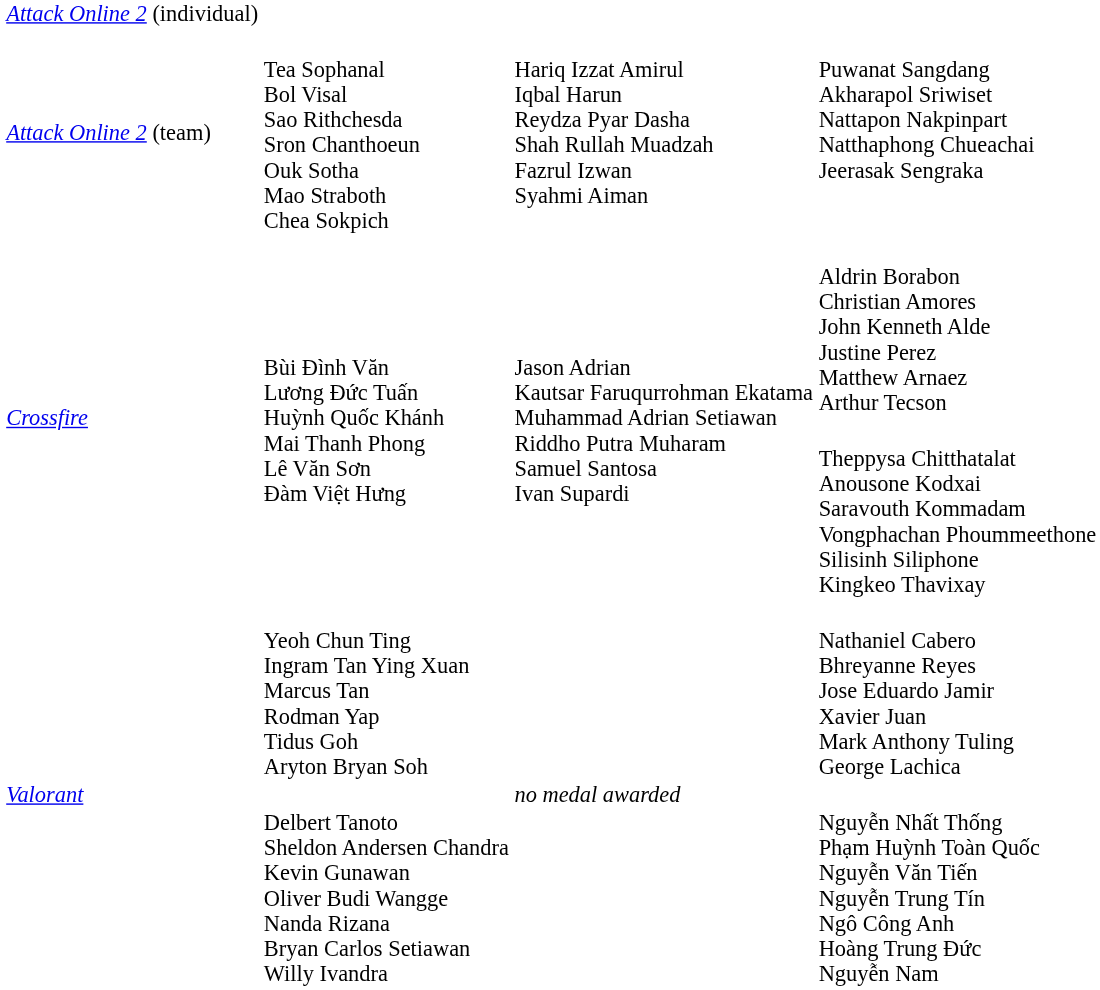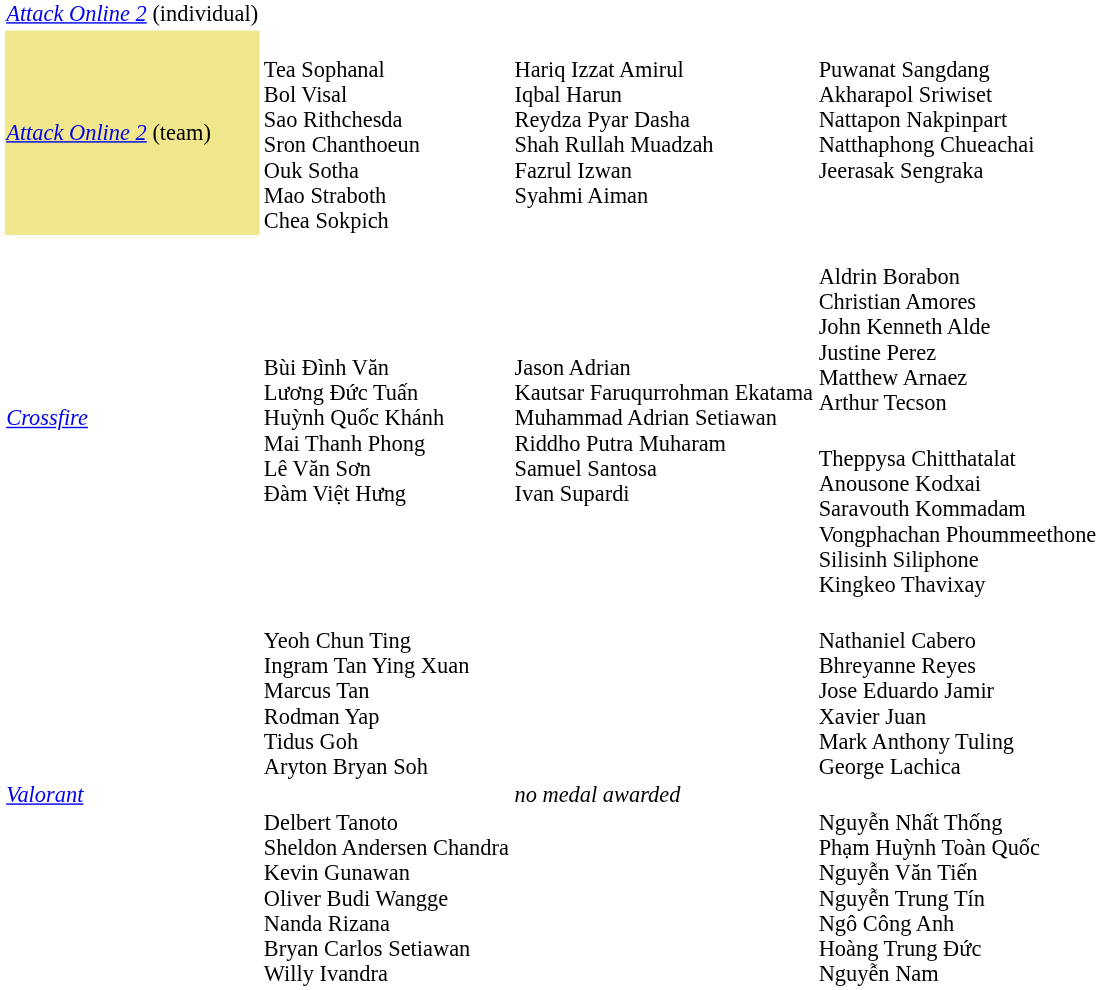 <table>
 <tr>
 <td><em><a href='#'>Attack Online 2</a></em> (individual)<br></td>
 <td></td>
 <td></td>
 <td></td>
 </tr>
 <tr>
-<td><em><a href='#'>Attack Online 2</a></em> (team)<br></td>
+<td style="background: khaki;"><em><a href='#'>Attack Online 2</a></em> (team)<br></td>
 <td><br>Tea Sophanal<br>Bol Visal<br>Sao Rithchesda<br>Sron Chanthoeun<br>Ouk Sotha<br>Mao Straboth<br>Chea Sokpich</td>
 <td valign=top><br>Hariq Izzat Amirul<br>Iqbal Harun<br>Reydza Pyar Dasha<br>Shah Rullah Muadzah<br>Fazrul Izwan<br>Syahmi Aiman</td>
 <td valign=top><br>Puwanat Sangdang<br>Akharapol Sriwiset<br>Nattapon Nakpinpart<br>Natthaphong Chueachai<br>Jeerasak Sengraka</td>
 </tr>
 <tr>
 <td rowspan=2><em><a href='#'>Crossfire</a></em><br></td>
 <td rowspan=2><br>Bùi Đình Văn<br>Lương Đức Tuấn<br>Huỳnh Quốc Khánh<br>Mai Thanh Phong<br>Lê Văn Sơn<br>Đàm Việt Hưng</td>
 <td rowspan=2 nowrap><br>Jason Adrian<br>Kautsar Faruqurrohman Ekatama<br>Muhammad Adrian Setiawan<br>Riddho Putra Muharam<br>Samuel Santosa<br>Ivan Supardi</td>
 <td nowrap><br>Aldrin Borabon<br>Christian Amores<br>John Kenneth Alde<br>Justine Perez<br>Matthew Arnaez<br>Arthur Tecson</td>
 </tr>
 <tr>
 <td nowrap><br>Theppysa Chitthatalat<br>Anousone Kodxai<br>Saravouth Kommadam<br>Vongphachan Phoummeethone<br>Silisinh Siliphone<br>Kingkeo Thavixay</td>
 </tr>
 <tr>
 <td rowspan=2><em><a href='#'>Valorant</a></em><br></td>
 <td nowrap><br>Yeoh Chun Ting<br>Ingram Tan Ying Xuan<br>Marcus Tan<br>Rodman Yap<br>Tidus Goh<br>Aryton Bryan Soh</td>
 <td rowspan=2><em>no medal awarded</em></td>
 <td nowrap><br>Nathaniel Cabero<br>Bhreyanne Reyes<br>Jose Eduardo Jamir<br>Xavier Juan<br>Mark Anthony Tuling<br>George Lachica</td>
 </tr>
 <tr>
 <td nowrap><br>Delbert Tanoto<br>Sheldon Andersen Chandra<br>Kevin Gunawan<br>Oliver Budi Wangge<br>Nanda Rizana<br>Bryan Carlos Setiawan<br>Willy Ivandra</td>
 <td nowrap><br>Nguyễn Nhất Thống<br>Phạm Huỳnh Toàn Quốc<br>Nguyễn Văn Tiến<br>Nguyễn Trung Tín<br>Ngô Công Anh<br>Hoàng Trung Đức<br>Nguyễn Nam</td>
 </tr>
 </table>
